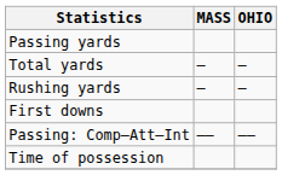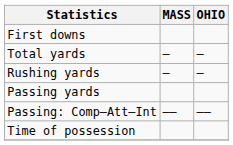 <table class="wikitable" style="float:left">
 <tr>
 <th>Statistics</th>
 <th>MASS</th>
 <th>OHIO</th>
 </tr>
 <tr>
-<td>Passing yards</td>
+<td>First downs</td>
 <td></td>
 <td></td>
 </tr>
 <tr>
 <td>Total yards</td>
 <td>–</td>
 <td>–</td>
 </tr>
 <tr>
 <td>Rushing yards</td>
 <td>–</td>
 <td>–</td>
 </tr>
 <tr>
-<td>First downs</td>
+<td>Passing yards</td>
 <td></td>
 <td></td>
 </tr>
 <tr>
 <td>Passing: Comp–Att–Int</td>
 <td>––</td>
 <td>––</td>
 </tr>
 <tr>
 <td>Time of possession</td>
 <td></td>
 <td></td>
 </tr>
 <tr>
 </tr>
 </table>
